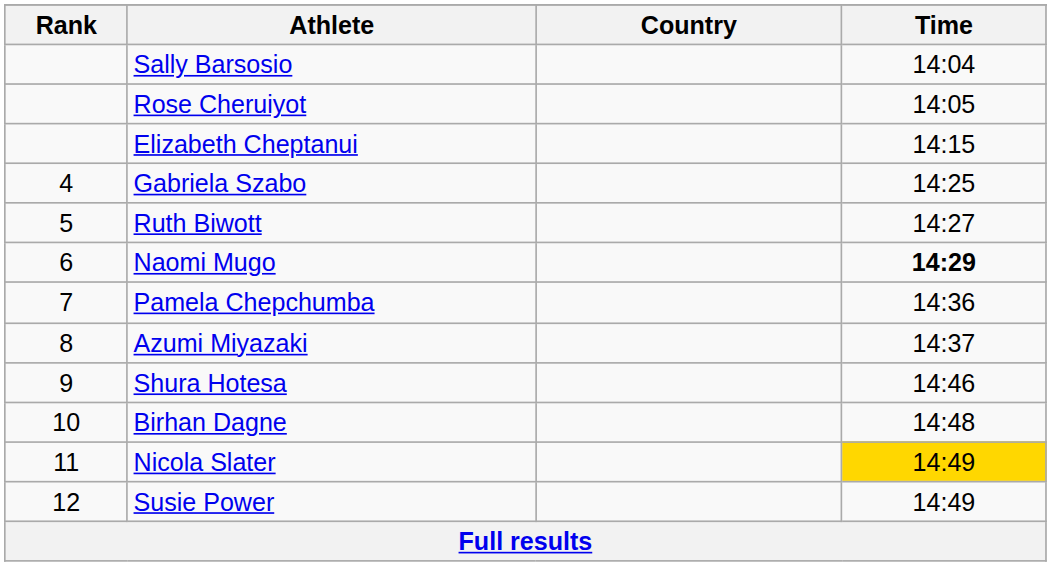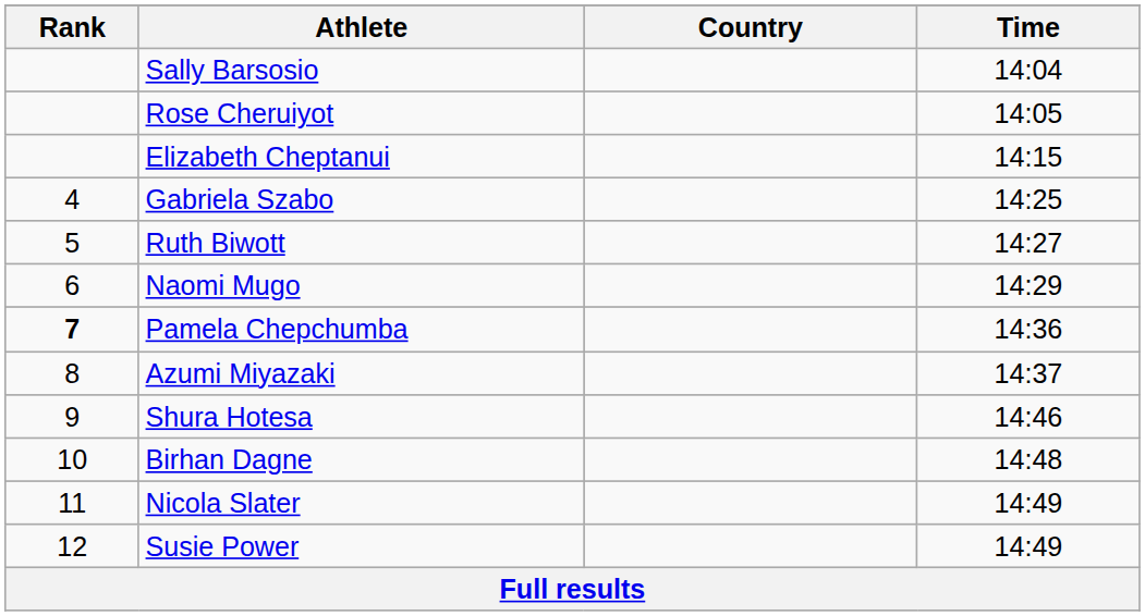 <table class="wikitable sortable" style=" text-align:center; font-size:95%;" width="50%">
 <tr>
 </tr>
 <tr>
 <th width=5%>Rank</th>
 <th width=20%>Athlete</th>
 <th width=15%>Country</th>
 <th width=10%>Time</th>
 </tr>
 <tr>
 <td align=center></td>
 <td align=left><a href='#'>Sally Barsosio</a></td>
 <td align=left></td>
 <td>14:04</td>
 </tr>
 <tr>
 <td align=center></td>
 <td align=left><a href='#'>Rose Cheruiyot</a></td>
 <td align=left></td>
 <td>14:05</td>
 </tr>
 <tr>
 <td align=center></td>
 <td align=left><a href='#'>Elizabeth Cheptanui</a></td>
 <td align=left></td>
 <td>14:15</td>
 </tr>
 <tr>
 <td align=center>4</td>
 <td align=left><a href='#'>Gabriela Szabo</a></td>
 <td align=left></td>
 <td>14:25</td>
 </tr>
 <tr>
 <td align=center>5</td>
 <td align=left><a href='#'>Ruth Biwott</a></td>
 <td align=left></td>
 <td>14:27</td>
 </tr>
 <tr>
 <td align=center>6</td>
 <td align=left><a href='#'>Naomi Mugo</a></td>
 <td align=left></td>
-<td><strong>14:29</strong></td>
+<td>14:29</td>
 </tr>
 <tr>
-<td align=center>7</td>
+<td align=center><strong>7</strong></td>
 <td align=left><a href='#'>Pamela Chepchumba</a></td>
 <td align=left></td>
 <td>14:36</td>
 </tr>
 <tr>
 <td align=center>8</td>
 <td align=left><a href='#'>Azumi Miyazaki</a></td>
 <td align=left></td>
 <td>14:37</td>
 </tr>
 <tr>
 <td align=center>9</td>
 <td align=left><a href='#'>Shura Hotesa</a></td>
 <td align=left></td>
 <td>14:46</td>
 </tr>
 <tr>
 <td align=center>10</td>
 <td align=left><a href='#'>Birhan Dagne</a></td>
 <td align=left></td>
 <td>14:48</td>
 </tr>
 <tr>
 <td align=center>11</td>
 <td align=left><a href='#'>Nicola Slater</a></td>
 <td align=left></td>
-<td style="background: gold;">14:49</td>
+<td>14:49</td>
 </tr>
 <tr>
 <td align=center>12</td>
 <td align=left><a href='#'>Susie Power</a></td>
 <td align=left></td>
 <td>14:49</td>
 </tr>
 <tr class="sortbottom">
 <th colspan=4 align=center><a href='#'>Full results</a></th>
 </tr>
 </table>
